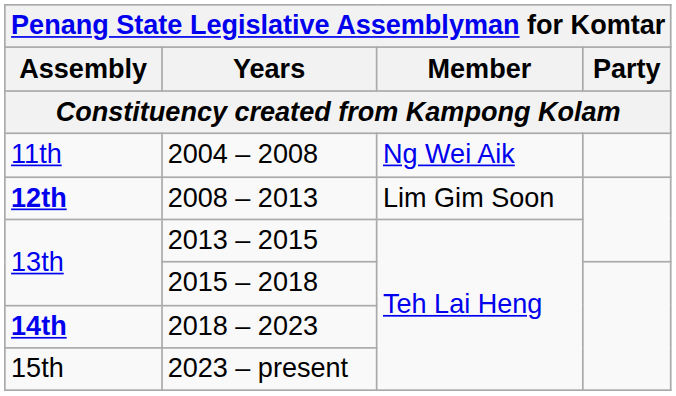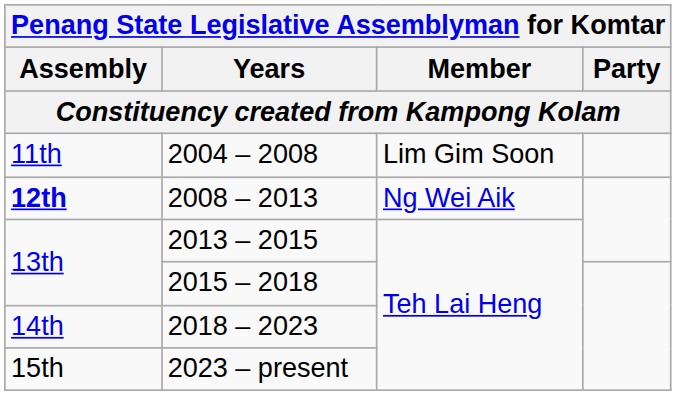 <table class="wikitable">
 <tr>
 <th colspan="4"><a href='#'>Penang State Legislative Assemblyman</a> for Komtar</th>
 </tr>
 <tr>
 <th>Assembly</th>
 <th>Years</th>
 <th>Member</th>
 <th>Party</th>
 </tr>
 <tr>
 <th colspan="4" align="center"><em>Constituency created from Kampong Kolam</em></th>
 </tr>
 <tr>
 <td><a href='#'>11th</a></td>
 <td>2004 – 2008</td>
-<td><a href='#'>Ng Wei Aik</a></td>
+<td>Lim Gim Soon</td>
 <td></td>
 </tr>
 <tr>
 <td><strong><a href='#'>12th</a></strong></td>
 <td>2008 – 2013</td>
-<td>Lim Gim Soon</td>
+<td><a href='#'>Ng Wei Aik</a></td>
 <td rowspan="2"></td>
 </tr>
 <tr>
 <td rowspan=2><a href='#'>13th</a></td>
 <td>2013 – 2015</td>
 <td rowspan=4><a href='#'>Teh Lai Heng</a></td>
 </tr>
 <tr>
 <td>2015 – 2018</td>
 <td rowspan=3></td>
 </tr>
 <tr>
-<td><strong><a href='#'>14th</a></strong></td>
+<td><a href='#'>14th</a></td>
 <td>2018 – 2023</td>
 </tr>
 <tr>
 <td>15th</td>
 <td>2023 – present</td>
 </tr>
 </table>
